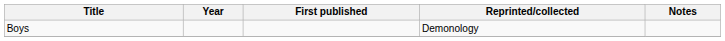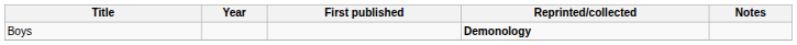 <table class='wikitable sortable' width='90%'>
 <tr>
 <th width=25%>Title</th>
 <th>Year</th>
 <th>First published</th>
 <th>Reprinted/collected</th>
 <th>Notes</th>
 </tr>
 <tr>
 <td>Boys</td>
 <td></td>
 <td></td>
-<td>Demonology</td>
+<td><strong>Demonology</strong></td>
 <td></td>
 </tr>
 <tr>
 </tr>
 </table>
